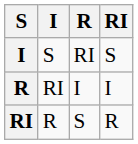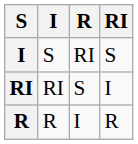 <table class=wikitable>
 <tr>
 <th>S</th>
 <th>I</th>
 <th>R</th>
 <th>RI</th>
 </tr>
 <tr>
 <th>I</th>
 <td>S</td>
 <td>RI</td>
 <td>S</td>
 </tr>
 <tr>
-<th>R</th>
+<th>RI</th>
 <td>RI</td>
-<td>I</td>
+<td>S</td>
 <td>I</td>
 </tr>
 <tr>
-<th>RI</th>
+<th>R</th>
 <td>R</td>
-<td>S</td>
+<td>I</td>
 <td>R</td>
 </tr>
 </table>
